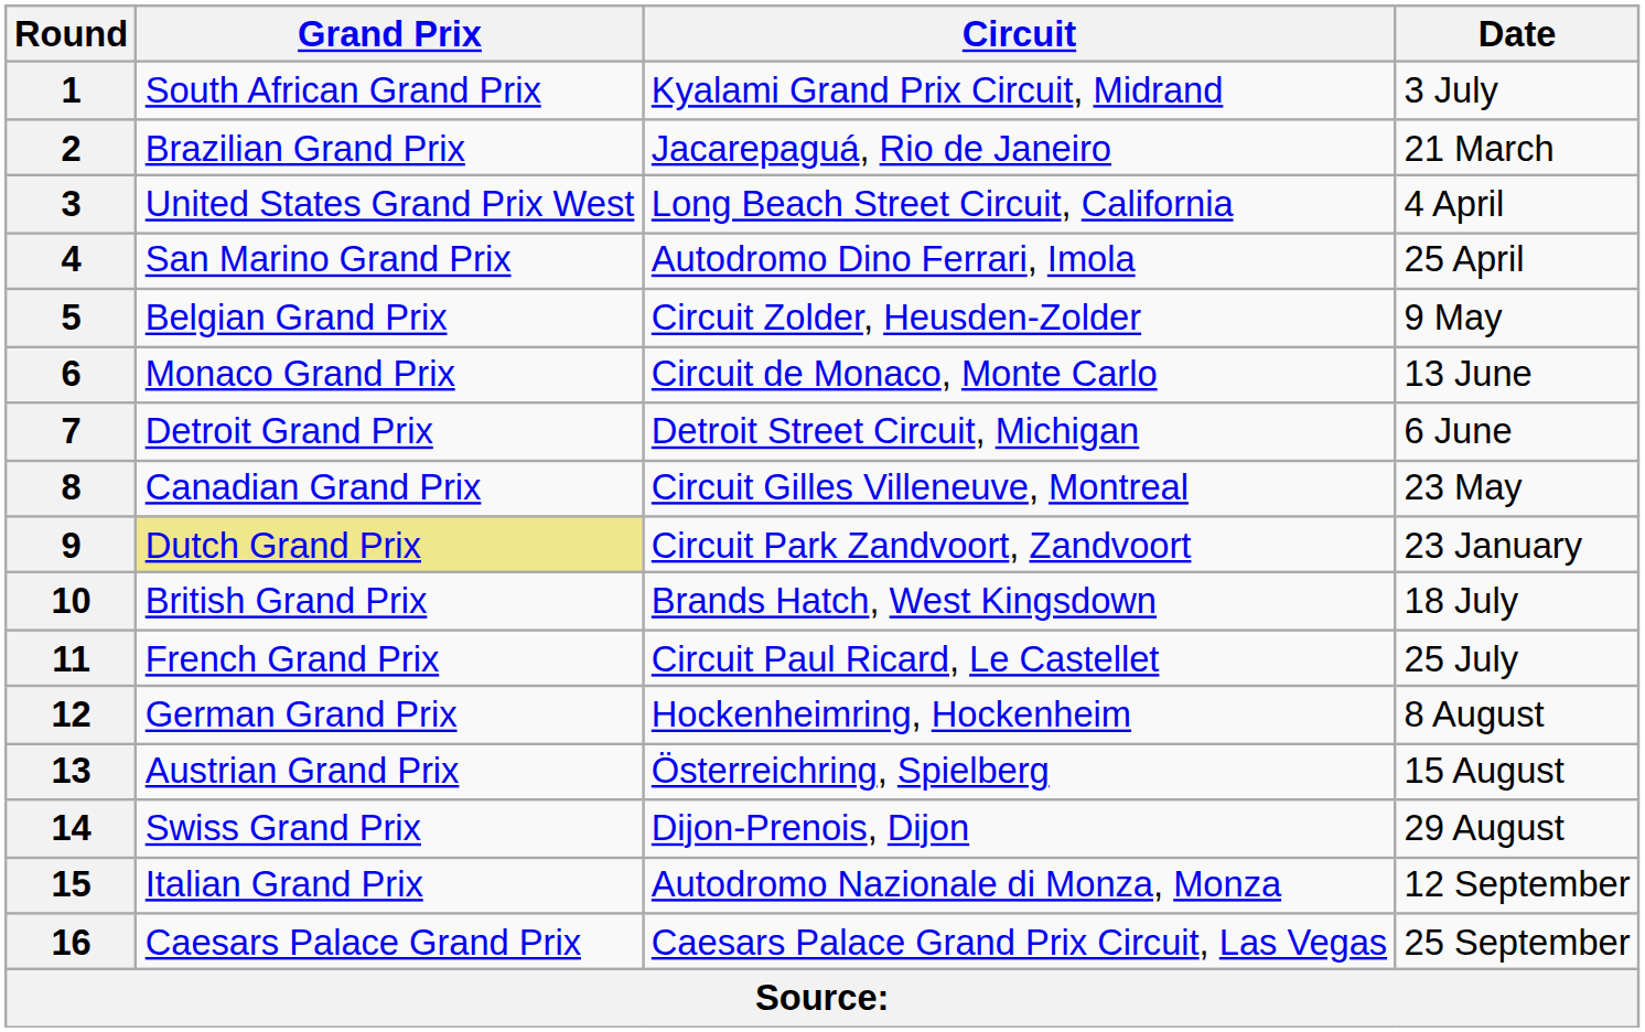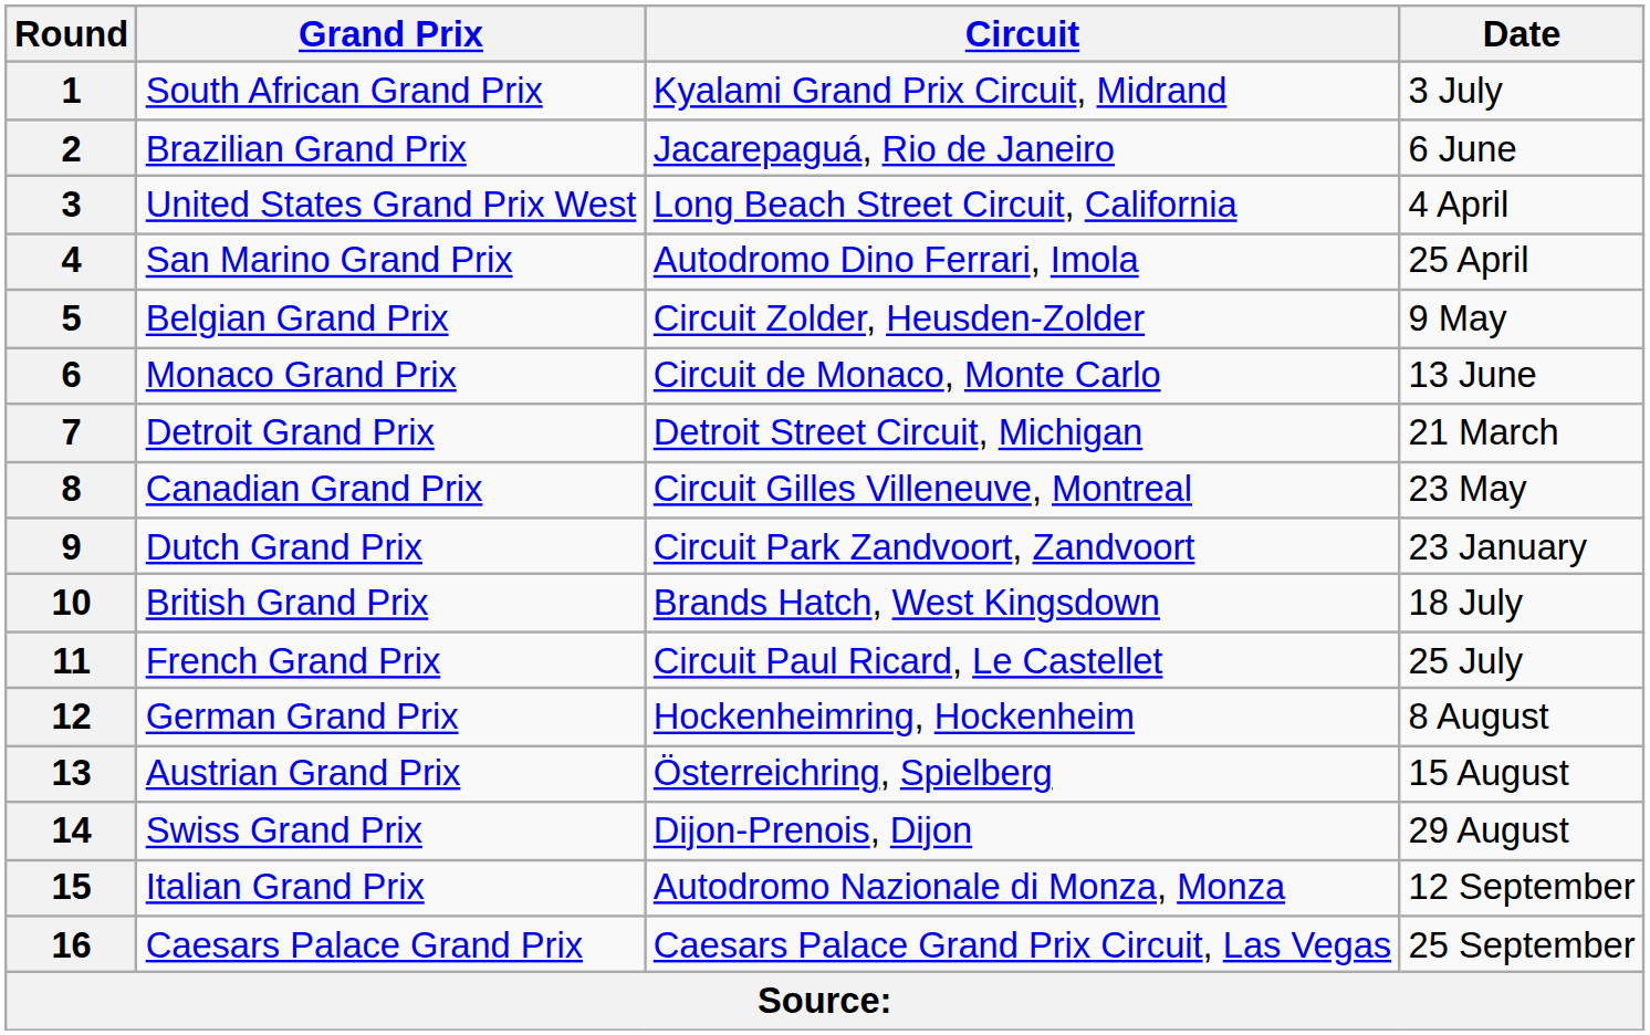 <table class="wikitable" style="font-size: 85%;">
 <tr>
 <th scope="col">Round</th>
 <th scope="col"><a href='#'>Grand Prix</a></th>
 <th scope="col"><a href='#'>Circuit</a></th>
 <th scope="col">Date</th>
 </tr>
 <tr>
 <th>1</th>
 <td><a href='#'>South African Grand Prix</a></td>
 <td> <a href='#'>Kyalami Grand Prix Circuit</a>, <a href='#'>Midrand</a></td>
 <td>3 July</td>
 </tr>
 <tr>
 <th>2</th>
 <td><a href='#'>Brazilian Grand Prix</a></td>
 <td> <a href='#'>Jacarepaguá</a>, <a href='#'>Rio de Janeiro</a></td>
-<td>21 March</td>
+<td>6 June</td>
 </tr>
 <tr>
 <th>3</th>
 <td nowrap><a href='#'>United States Grand Prix West</a></td>
 <td> <a href='#'>Long Beach Street Circuit</a>, <a href='#'>California</a></td>
 <td>4 April</td>
 </tr>
 <tr>
 <th>4</th>
 <td><a href='#'>San Marino Grand Prix</a></td>
 <td> <a href='#'>Autodromo Dino Ferrari</a>, <a href='#'>Imola</a></td>
 <td>25 April</td>
 </tr>
 <tr>
 <th>5</th>
 <td><a href='#'>Belgian Grand Prix</a></td>
 <td> <a href='#'>Circuit Zolder</a>, <a href='#'>Heusden-Zolder</a></td>
 <td>9 May</td>
 </tr>
 <tr>
 <th>6</th>
 <td><a href='#'>Monaco Grand Prix</a></td>
 <td> <a href='#'>Circuit de Monaco</a>, <a href='#'>Monte Carlo</a></td>
 <td>13 June</td>
 </tr>
 <tr>
 <th>7</th>
 <td><a href='#'>Detroit Grand Prix</a></td>
 <td> <a href='#'>Detroit Street Circuit</a>, <a href='#'>Michigan</a></td>
-<td>6 June</td>
+<td>21 March</td>
 </tr>
 <tr>
 <th>8</th>
 <td><a href='#'>Canadian Grand Prix</a></td>
 <td> <a href='#'>Circuit Gilles Villeneuve</a>, <a href='#'>Montreal</a></td>
 <td>23 May</td>
 </tr>
 <tr>
 <th>9</th>
-<td style="background: khaki;"><a href='#'>Dutch Grand Prix</a></td>
+<td><a href='#'>Dutch Grand Prix</a></td>
 <td> <a href='#'>Circuit Park Zandvoort</a>, <a href='#'>Zandvoort</a></td>
 <td>23 January</td>
 </tr>
 <tr>
 <th>10</th>
 <td><a href='#'>British Grand Prix</a></td>
 <td> <a href='#'>Brands Hatch</a>, <a href='#'>West Kingsdown</a></td>
 <td>18 July</td>
 </tr>
 <tr>
 <th>11</th>
 <td><a href='#'>French Grand Prix</a></td>
 <td> <a href='#'>Circuit Paul Ricard</a>, <a href='#'>Le Castellet</a></td>
 <td>25 July</td>
 </tr>
 <tr>
 <th>12</th>
 <td><a href='#'>German Grand Prix</a></td>
 <td> <a href='#'>Hockenheimring</a>, <a href='#'>Hockenheim</a></td>
 <td>8 August</td>
 </tr>
 <tr>
 <th>13</th>
 <td><a href='#'>Austrian Grand Prix</a></td>
 <td> <a href='#'>Österreichring</a>, <a href='#'>Spielberg</a></td>
 <td>15 August</td>
 </tr>
 <tr>
 <th>14</th>
 <td><a href='#'>Swiss Grand Prix</a></td>
 <td> <a href='#'>Dijon-Prenois</a>, <a href='#'>Dijon</a></td>
 <td>29 August</td>
 </tr>
 <tr>
 <th>15</th>
 <td><a href='#'>Italian Grand Prix</a></td>
 <td> <a href='#'>Autodromo Nazionale di Monza</a>, <a href='#'>Monza</a></td>
 <td>12 September</td>
 </tr>
 <tr>
 <th>16</th>
 <td><a href='#'>Caesars Palace Grand Prix</a></td>
 <td nowrap> <a href='#'>Caesars Palace Grand Prix Circuit</a>, <a href='#'>Las Vegas</a></td>
 <td nowrap>25 September</td>
 </tr>
 <tr>
 <th colspan="5">Source:</th>
 </tr>
 </table>
